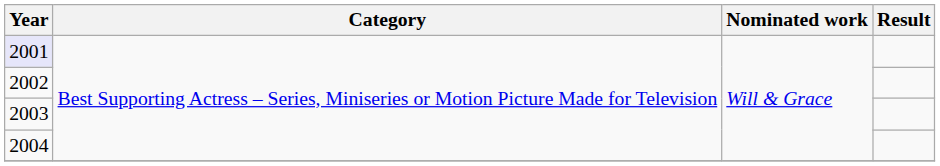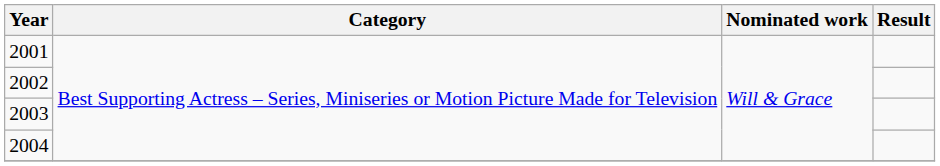 <table class="wikitable">
 <tr>
 <th>Year</th>
 <th>Category</th>
 <th>Nominated work</th>
 <th>Result</th>
 </tr>
 <tr>
-<td style="background: lavender;">2001</td>
+<td>2001</td>
 <td rowspan=4><a href='#'>Best Supporting Actress – Series, Miniseries or Motion Picture Made for Television</a></td>
 <td rowspan=4><em><a href='#'>Will & Grace</a></em></td>
 <td></td>
 </tr>
 <tr>
 <td>2002</td>
 <td></td>
 </tr>
 <tr>
 <td>2003</td>
 <td></td>
 </tr>
 <tr>
 <td>2004</td>
 <td></td>
 </tr>
 <tr>
 </tr>
 </table>
